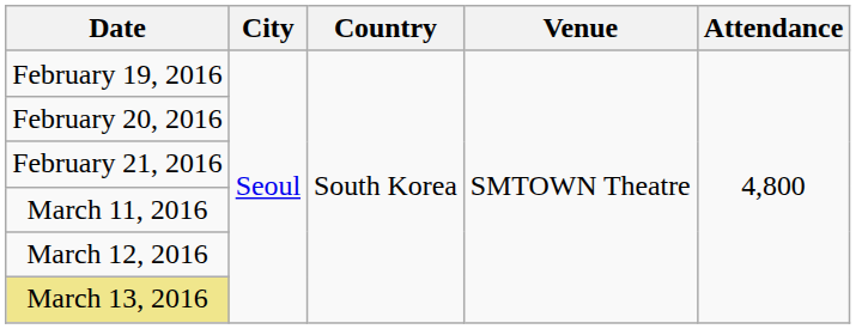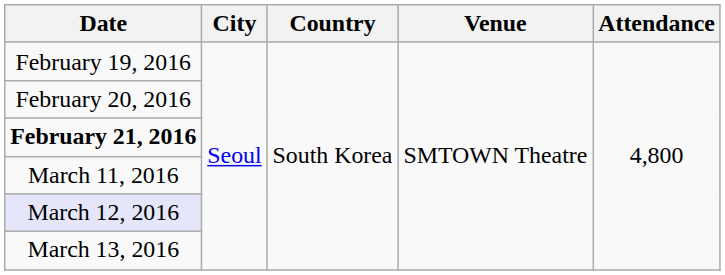 <table class="wikitable plainrowheaders" style="text-align:center;">
 <tr>
 <th>Date</th>
 <th>City</th>
 <th>Country</th>
 <th>Venue</th>
 <th>Attendance</th>
 </tr>
 <tr>
 <td>February 19, 2016</td>
 <td rowspan="6"><a href='#'>Seoul</a></td>
 <td rowspan="6">South Korea</td>
 <td rowspan="6">SMTOWN Theatre</td>
 <td rowspan="6">4,800</td>
 </tr>
 <tr>
 <td>February 20, 2016</td>
 </tr>
 <tr>
-<td>February 21, 2016</td>
+<td><strong>February 21, 2016</strong></td>
 </tr>
 <tr>
 <td>March 11, 2016</td>
 </tr>
 <tr>
-<td>March 12, 2016</td>
+<td style="background: lavender;">March 12, 2016</td>
 </tr>
 <tr>
-<td style="background: khaki;">March 13, 2016</td>
+<td>March 13, 2016</td>
 </tr>
 </table>
